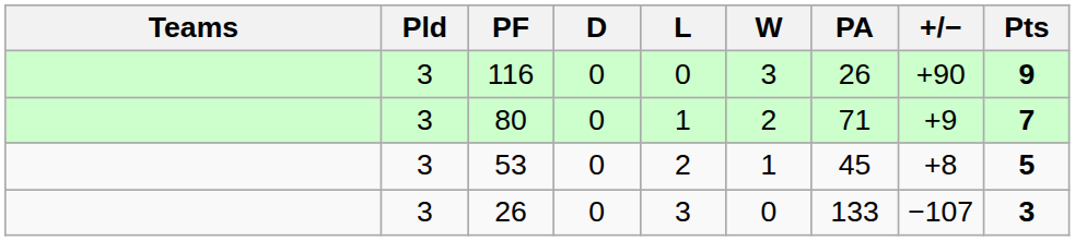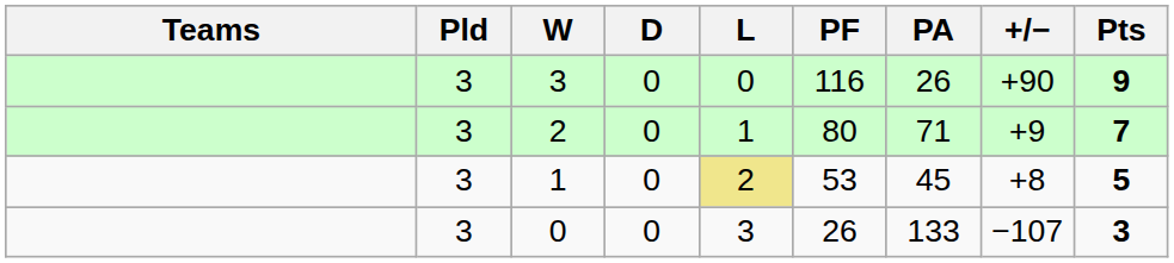 <table class="wikitable" style="text-align: center;">
 <tr>
 <th width="200">Teams</th>
 <th width="40">Pld</th>
-<th width="40">PF</th>
+<th width="40">W</th>
 <th width="40">D</th>
 <th width="40">L</th>
-<th width="40">W</th>
+<th width="40">PF</th>
 <th width="40">PA</th>
 <th width="40">+/−</th>
 <th width="40">Pts</th>
 </tr>
 <tr bgcolor=ccffcc>
 <td align=left></td>
 <td>3</td>
-<td>116</td>
+<td>3</td>
 <td>0</td>
 <td>0</td>
-<td>3</td>
+<td>116</td>
 <td>26</td>
 <td>+90</td>
 <td><strong>9</strong></td>
 </tr>
 <tr bgcolor=ccffcc>
 <td align=left></td>
 <td>3</td>
-<td>80</td>
+<td>2</td>
 <td>0</td>
 <td>1</td>
-<td>2</td>
+<td>80</td>
 <td>71</td>
 <td>+9</td>
 <td><strong>7</strong></td>
 </tr>
 <tr>
 <td align=left></td>
 <td>3</td>
+<td>1</td>
+<td>0</td>
+<td style="background: khaki;">2</td>
 <td>53</td>
-<td>0</td>
-<td>2</td>
-<td>1</td>
 <td>45</td>
 <td>+8</td>
 <td><strong>5</strong></td>
 </tr>
 <tr>
 <td align=left></td>
 <td>3</td>
-<td>26</td>
+<td>0</td>
 <td>0</td>
 <td>3</td>
-<td>0</td>
+<td>26</td>
 <td>133</td>
 <td>−107</td>
 <td><strong>3</strong></td>
 </tr>
 </table>
